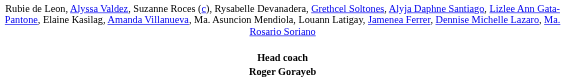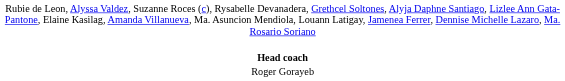 <table style="text-align: center; margin-top: 2em; margin-left: auto; margin-right: auto">
 <tr>
 <td>Rubie de Leon, <a href='#'>Alyssa Valdez</a>, Suzanne Roces (<a href='#'>c</a>), Rysabelle Devanadera, <a href='#'>Grethcel Soltones</a>, <a href='#'>Alyja Daphne Santiago</a>, <a href='#'>Lizlee Ann Gata-Pantone</a>, Elaine Kasilag, <a href='#'>Amanda Villanueva</a>, Ma. Asuncion Mendiola, Louann Latigay, <a href='#'>Jamenea Ferrer</a>, <a href='#'>Dennise Michelle Lazaro</a>, <a href='#'>Ma. Rosario Soriano</a></td>
 <td></td>
 </tr>
 <tr>
 <td><br><strong>Head coach</strong></td>
 </tr>
 <tr>
-<td><strong>Roger Gorayeb</strong></td>
+<td>Roger Gorayeb</td>
 </tr>
 </table>
